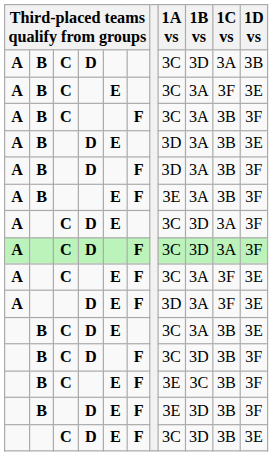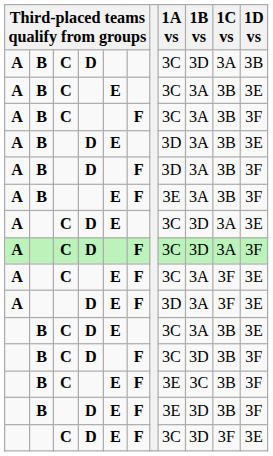 <table class="wikitable" style="text-align:center; font-size:85%">
 <tr>
 <th colspan="6">Third-placed teams<br>qualify from groups</th>
 <th rowspan="16"></th>
 <th>1A<br>vs</th>
 <th>1B<br>vs</th>
 <th>1C<br>vs</th>
 <th>1D<br>vs</th>
 </tr>
 <tr>
 <td><strong>A</strong></td>
 <td><strong>B</strong></td>
 <td><strong>C</strong></td>
 <td><strong>D</strong></td>
 <td></td>
 <td></td>
 <td>3C</td>
 <td>3D</td>
 <td>3A</td>
 <td>3B</td>
 </tr>
 <tr>
 <td><strong>A</strong></td>
 <td><strong>B</strong></td>
 <td><strong>C</strong></td>
 <td></td>
 <td><strong>E</strong></td>
 <td></td>
 <td>3C</td>
 <td>3A</td>
-<td>3F</td>
+<td>3B</td>
 <td>3E</td>
 </tr>
 <tr>
 <td><strong>A</strong></td>
 <td><strong>B</strong></td>
 <td><strong>C</strong></td>
 <td></td>
 <td></td>
 <td><strong>F</strong></td>
 <td>3C</td>
 <td>3A</td>
 <td>3B</td>
 <td>3F</td>
 </tr>
 <tr>
 <td><strong>A</strong></td>
 <td><strong>B</strong></td>
 <td></td>
 <td><strong>D</strong></td>
 <td><strong>E</strong></td>
 <td></td>
 <td>3D</td>
 <td>3A</td>
 <td>3B</td>
 <td>3E</td>
 </tr>
 <tr>
 <td><strong>A</strong></td>
 <td><strong>B</strong></td>
 <td></td>
 <td><strong>D</strong></td>
 <td></td>
 <td><strong>F</strong></td>
 <td>3D</td>
 <td>3A</td>
 <td>3B</td>
 <td>3F</td>
 </tr>
 <tr>
 <td><strong>A</strong></td>
 <td><strong>B</strong></td>
 <td></td>
 <td></td>
 <td><strong>E</strong></td>
 <td><strong>F</strong></td>
 <td>3E</td>
 <td>3A</td>
 <td>3B</td>
 <td>3F</td>
 </tr>
 <tr>
 <td><strong>A</strong></td>
 <td></td>
 <td><strong>C</strong></td>
 <td><strong>D</strong></td>
 <td><strong>E</strong></td>
 <td></td>
 <td>3C</td>
 <td>3D</td>
 <td>3A</td>
-<td>3F</td>
+<td>3E</td>
 </tr>
 <tr style="background:#BBF3BB;">
 <td><strong>A</strong></td>
 <td></td>
 <td><strong>C</strong></td>
 <td><strong>D</strong></td>
 <td></td>
 <td><strong>F</strong></td>
 <td>3C</td>
 <td>3D</td>
 <td>3A</td>
 <td>3F</td>
 </tr>
 <tr>
 <td><strong>A</strong></td>
 <td></td>
 <td><strong>C</strong></td>
 <td></td>
 <td><strong>E</strong></td>
 <td><strong>F</strong></td>
 <td>3C</td>
 <td>3A</td>
 <td>3F</td>
 <td>3E</td>
 </tr>
 <tr>
 <td><strong>A</strong></td>
 <td></td>
 <td></td>
 <td><strong>D</strong></td>
 <td><strong>E</strong></td>
 <td><strong>F</strong></td>
 <td>3D</td>
 <td>3A</td>
 <td>3F</td>
 <td>3E</td>
 </tr>
 <tr>
 <td></td>
 <td><strong>B</strong></td>
 <td><strong>C</strong></td>
 <td><strong>D</strong></td>
 <td><strong>E</strong></td>
 <td></td>
 <td>3C</td>
 <td>3A</td>
 <td>3B</td>
 <td>3E</td>
 </tr>
 <tr>
 <td></td>
 <td><strong>B</strong></td>
 <td><strong>C</strong></td>
 <td><strong>D</strong></td>
 <td></td>
 <td><strong>F</strong></td>
 <td>3C</td>
 <td>3D</td>
 <td>3B</td>
 <td>3F</td>
 </tr>
 <tr>
 <td></td>
 <td><strong>B</strong></td>
 <td><strong>C</strong></td>
 <td></td>
 <td><strong>E</strong></td>
 <td><strong>F</strong></td>
 <td>3E</td>
 <td>3C</td>
 <td>3B</td>
 <td>3F</td>
 </tr>
 <tr>
 <td></td>
 <td><strong>B</strong></td>
 <td></td>
 <td><strong>D</strong></td>
 <td><strong>E</strong></td>
 <td><strong>F</strong></td>
 <td>3E</td>
 <td>3D</td>
 <td>3B</td>
 <td>3F</td>
 </tr>
 <tr>
 <td></td>
 <td></td>
 <td><strong>C</strong></td>
 <td><strong>D</strong></td>
 <td><strong>E</strong></td>
 <td><strong>F</strong></td>
 <td>3C</td>
 <td>3D</td>
-<td>3B</td>
+<td>3F</td>
 <td>3E</td>
 </tr>
 </table>
